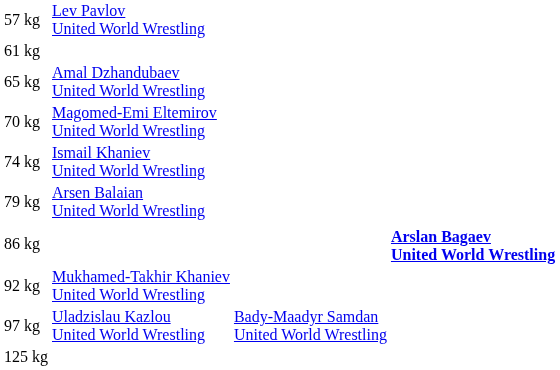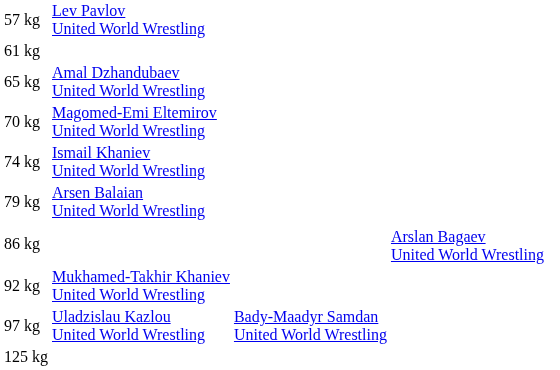 <table>
 <tr>
 <td rowspan=2>57 kg<br></td>
 <td rowspan=2><a href='#'>Lev Pavlov</a><br> <a href='#'>United World Wrestling</a></td>
 <td rowspan=2></td>
 <td></td>
 </tr>
 <tr>
 <td></td>
 </tr>
 <tr>
 <td rowspan=2>61 kg<br></td>
 <td rowspan=2></td>
 <td rowspan=2></td>
 <td></td>
 </tr>
 <tr>
 <td></td>
 </tr>
 <tr>
 <td rowspan=2>65 kg<br></td>
 <td rowspan=2><a href='#'>Amal Dzhandubaev</a><br> <a href='#'>United World Wrestling</a></td>
 <td rowspan=2></td>
 <td></td>
 </tr>
 <tr>
 <td></td>
 </tr>
 <tr>
 <td rowspan=2>70 kg<br></td>
 <td rowspan=2><a href='#'>Magomed-Emi Eltemirov</a><br> <a href='#'>United World Wrestling</a></td>
 <td rowspan=2></td>
 <td></td>
 </tr>
 <tr>
 <td></td>
 </tr>
 <tr>
 <td rowspan=2>74 kg<br></td>
 <td rowspan=2><a href='#'>Ismail Khaniev</a><br> <a href='#'>United World Wrestling</a></td>
 <td rowspan=2></td>
 <td></td>
 </tr>
 <tr>
 <td></td>
 </tr>
 <tr>
 <td rowspan=2>79 kg<br></td>
 <td rowspan=2><a href='#'>Arsen Balaian</a><br> <a href='#'>United World Wrestling</a></td>
 <td rowspan=2></td>
 <td></td>
 </tr>
 <tr>
 <td></td>
 </tr>
 <tr>
 <td rowspan=2>86 kg<br></td>
 <td rowspan=2></td>
 <td rowspan=2></td>
 <td></td>
 </tr>
 <tr>
-<td><strong><a href='#'>Arslan Bagaev</a><br> <a href='#'>United World Wrestling</a></strong></td>
+<td><a href='#'>Arslan Bagaev</a><br> <a href='#'>United World Wrestling</a></td>
 </tr>
 <tr>
 <td rowspan=2>92 kg<br></td>
 <td rowspan=2><a href='#'>Mukhamed-Takhir Khaniev</a><br> <a href='#'>United World Wrestling</a></td>
 <td rowspan=2></td>
 <td></td>
 </tr>
 <tr>
 <td></td>
 </tr>
 <tr>
 <td rowspan=2>97 kg<br></td>
 <td rowspan=2><a href='#'>Uladzislau Kazlou</a><br> <a href='#'>United World Wrestling</a></td>
 <td rowspan=2><a href='#'>Bady-Maadyr Samdan</a><br> <a href='#'>United World Wrestling</a></td>
 <td></td>
 </tr>
 <tr>
 <td></td>
 </tr>
 <tr>
 <td rowspan=2>125 kg<br></td>
 <td rowspan=2></td>
 <td rowspan=2></td>
 <td></td>
 </tr>
 <tr>
 <td></td>
 </tr>
 </table>
